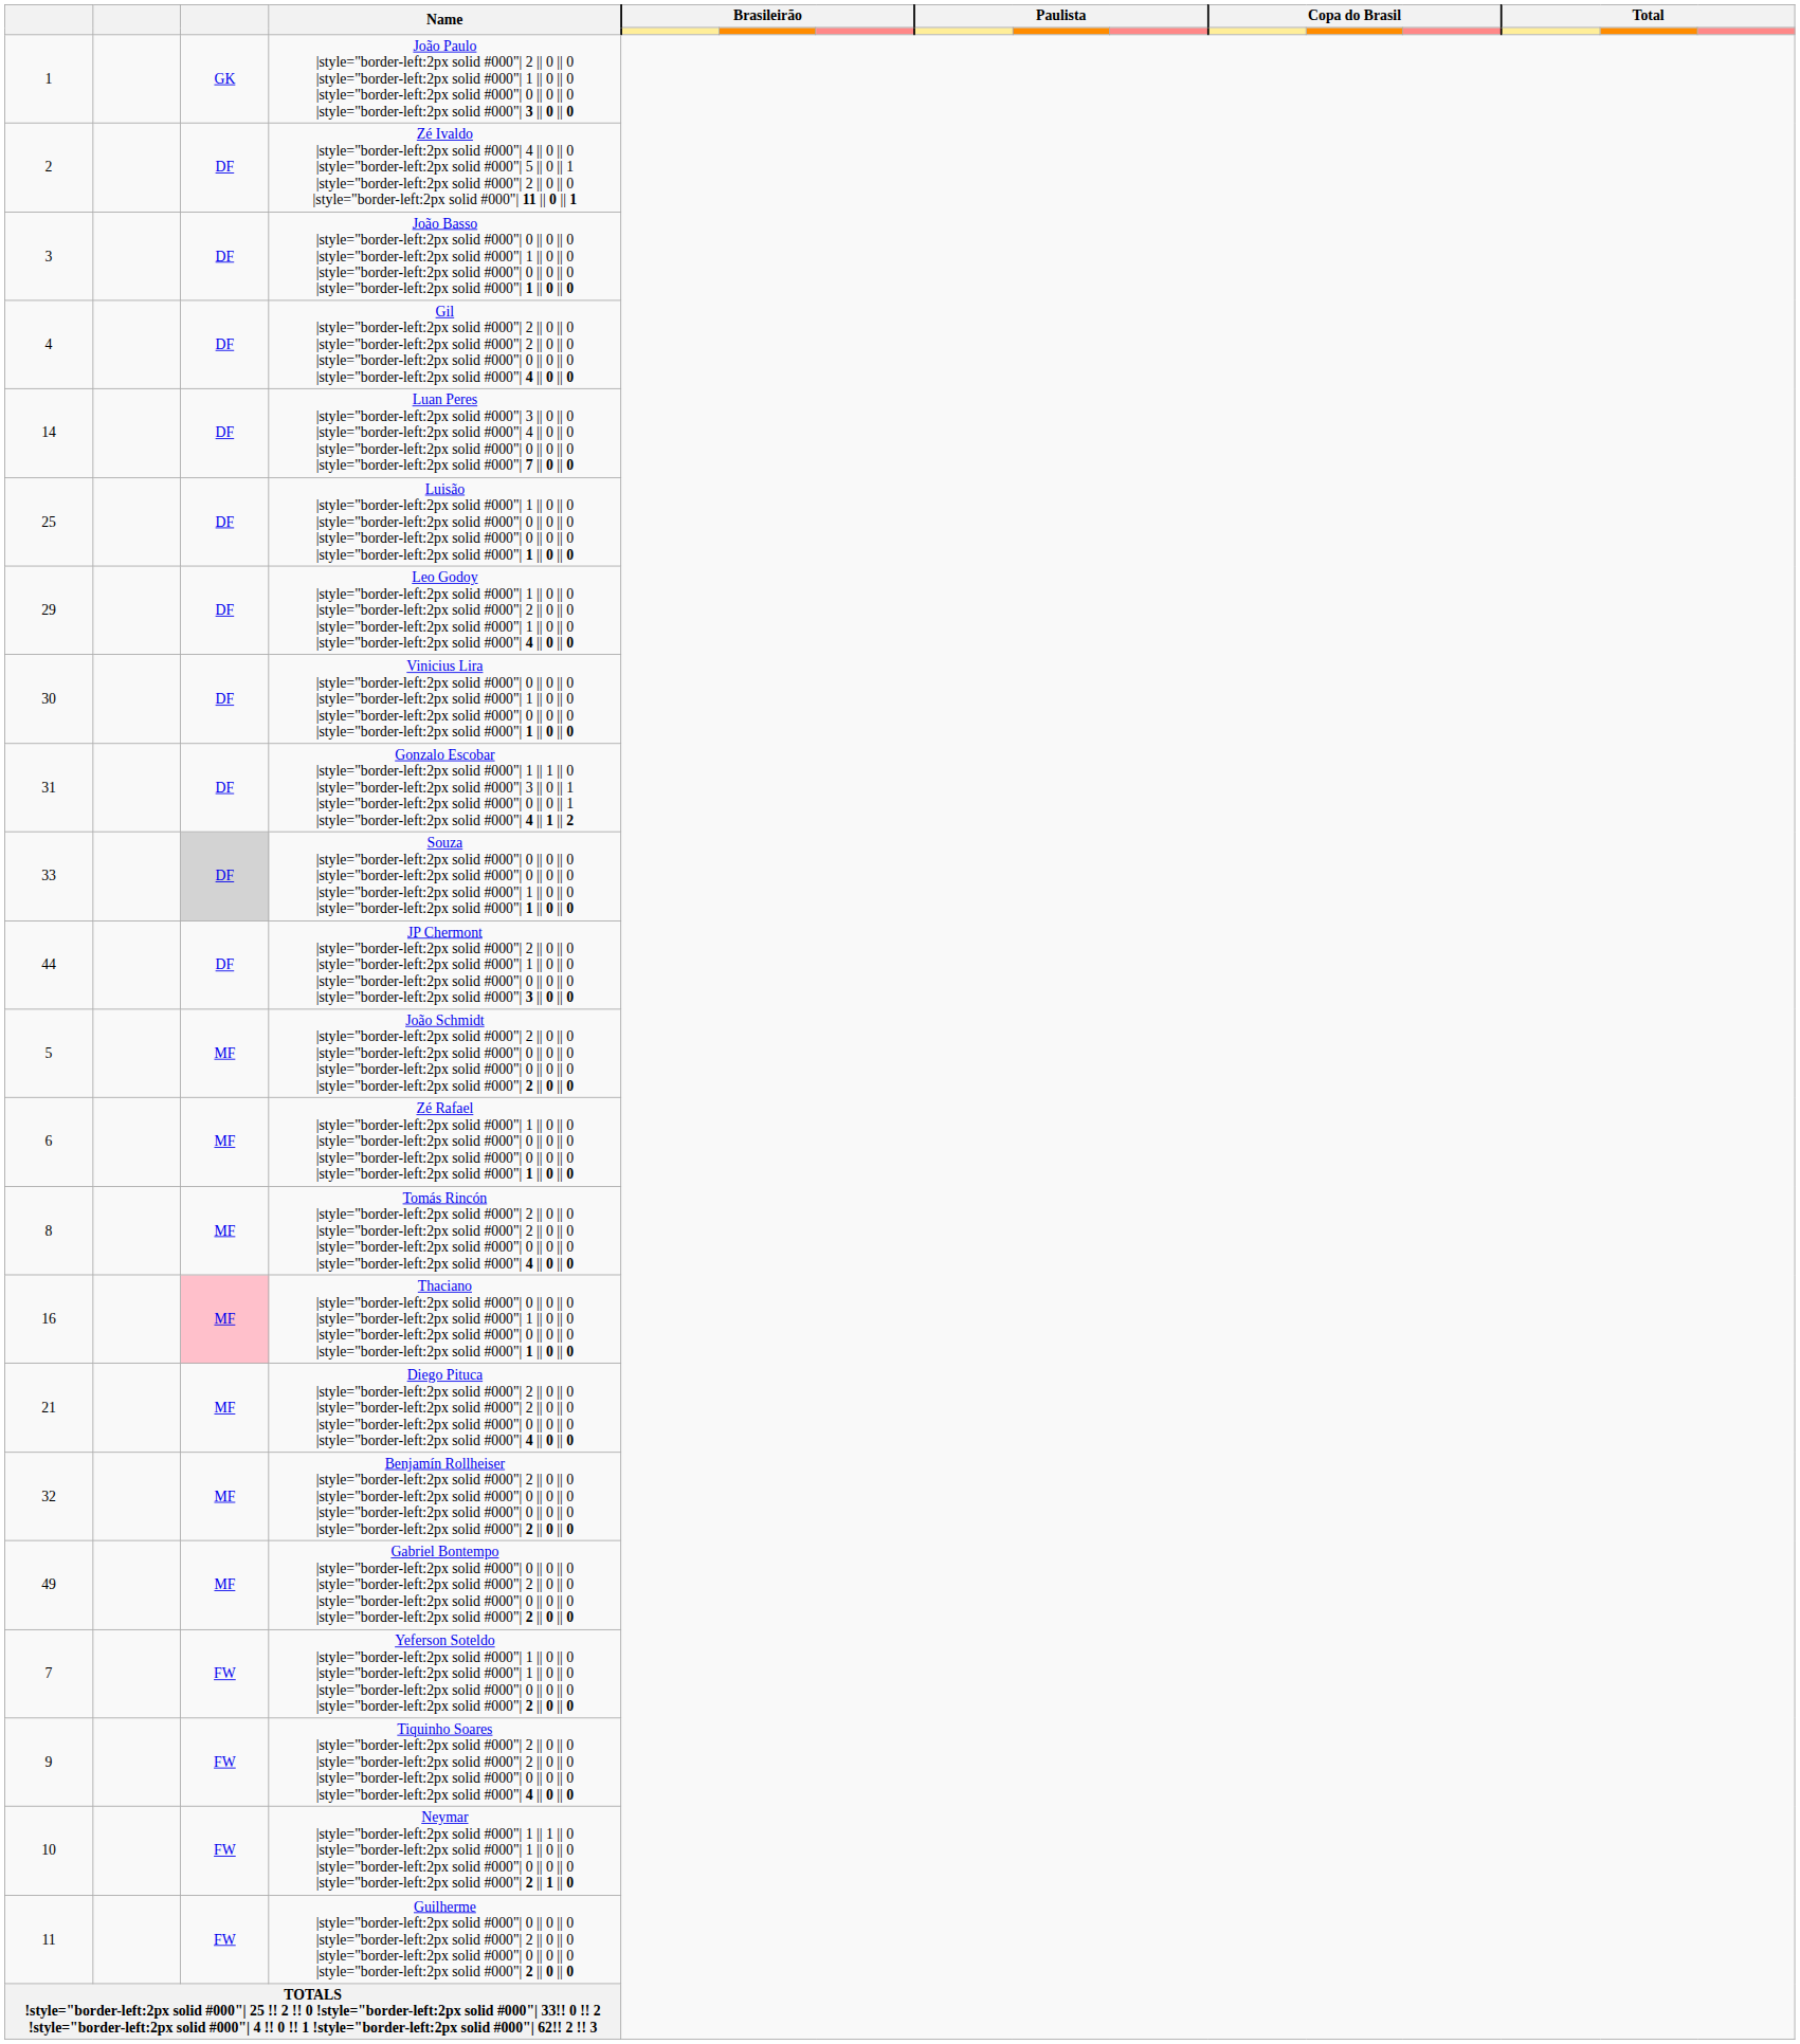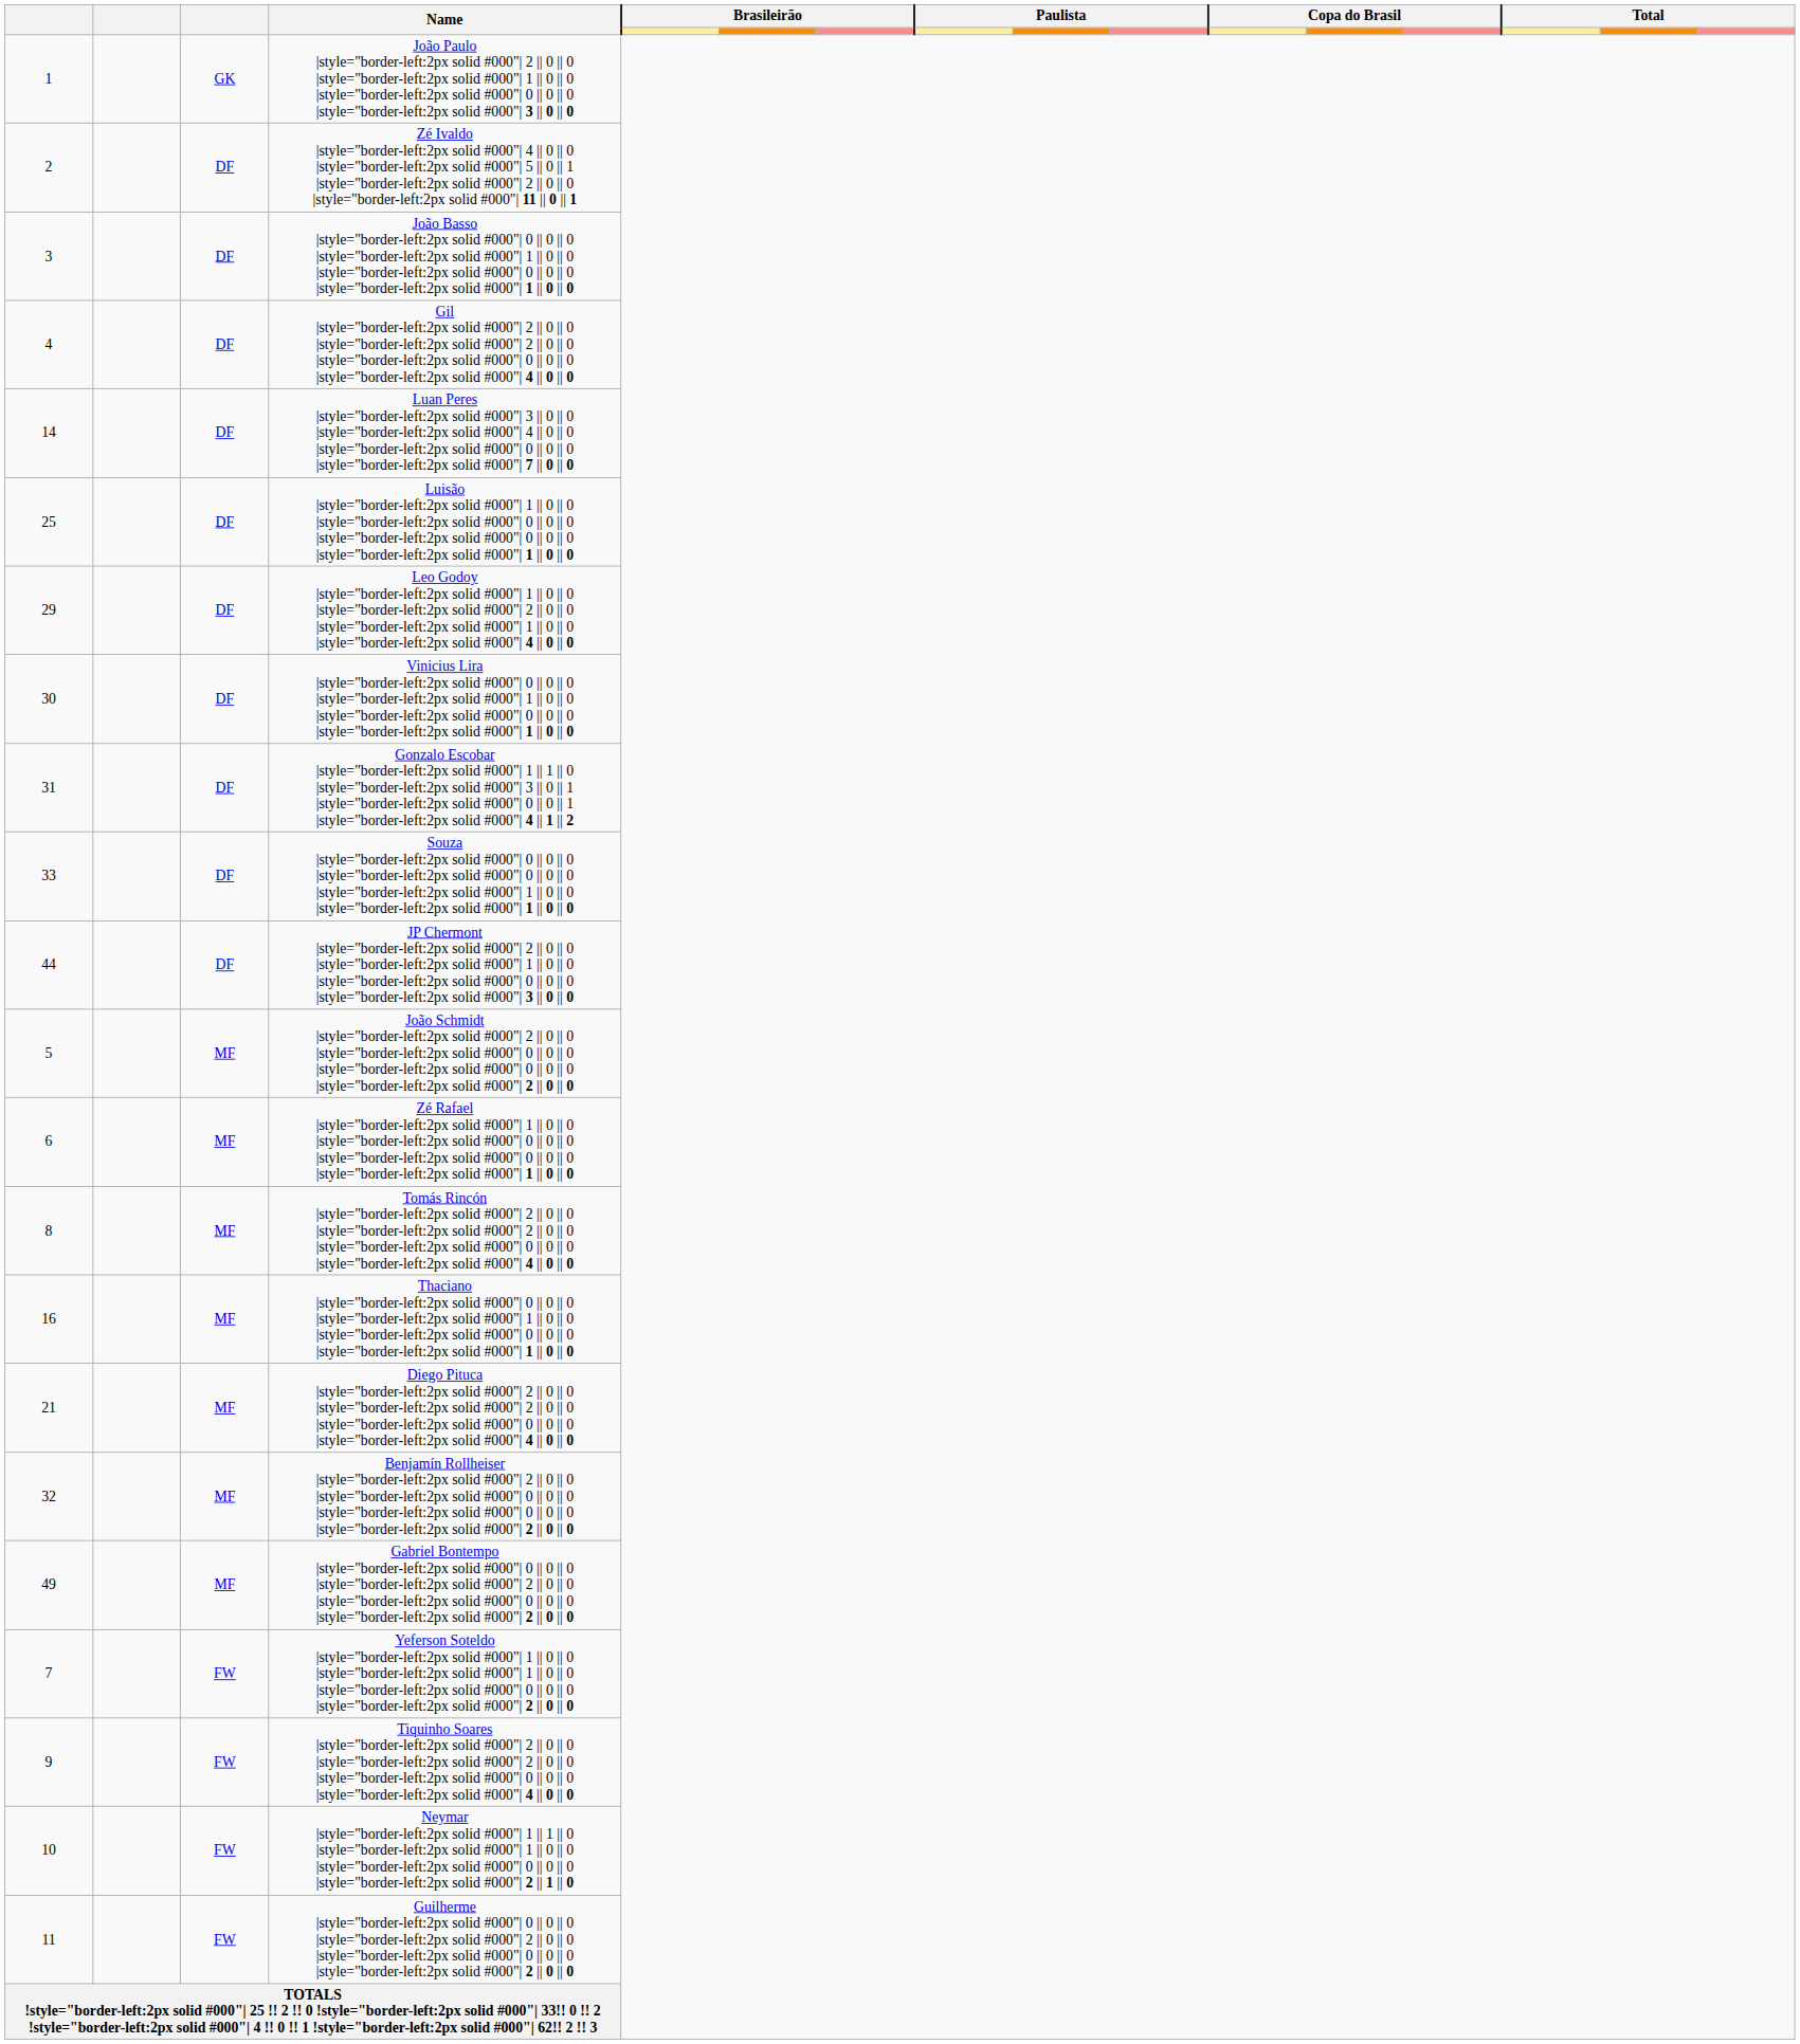 <table class="wikitable" style="text-align:center">
 <tr>
 <th rowspan="2" style="width:3%; "><strong></strong></th>
 <th rowspan="2" style="width:3%; "><strong></strong></th>
 <th rowspan="2" style="width:3%; "><strong></strong></th>
 <th rowspan="2" style="width:12%; ">Name</th>
 <th colspan="3" style="width:10%; border-left:2px solid #000">Brasileirão</th>
 <th colspan="3" style="width:10%; border-left:2px solid #000">Paulista</th>
 <th colspan="3" style="width:10%; border-left:2px solid #000">Copa do Brasil</th>
 <th colspan="3" style="width:10%; border-left:2px solid #000">Total</th>
 </tr>
 <tr>
 <th style="width:20px; background:#fe9; border-left:2px solid #000"></th>
 <th style="width:20px; background:#ff8c00;"></th>
 <th style="width:20px; background:#ff8888;"></th>
 <th style="width:20px; background:#fe9; border-left:2px solid #000"></th>
 <th style="width:20px; background:#ff8c00;"></th>
 <th style="width:20px; background:#ff8888;"></th>
 <th style="width:20px; background:#fe9; border-left:2px solid #000"></th>
 <th style="width:20px; background:#ff8c00;"></th>
 <th style="width:20px; background:#ff8888;"></th>
 <th style="width:20px; background:#fe9; border-left:2px solid #000"></th>
 <th style="width:20px; background:#ff8c00;"></th>
 <th style="width:20px; background:#ff8888;"></th>
 </tr>
 <tr>
 <td>1</td>
 <td></td>
 <td><a href='#'>GK</a></td>
 <td><a href='#'>João Paulo</a><br> |style="border-left:2px solid #000"| 2 || 0 || 0  |style="border-left:2px solid #000"| 1 || 0 || 0  |style="border-left:2px solid #000"| 0 || 0 || 0  |style="border-left:2px solid #000"| <strong>3</strong> || <strong>0</strong> || <strong>0</strong></td>
 </tr>
 <tr>
 <td>2</td>
 <td></td>
 <td><a href='#'>DF</a></td>
 <td><a href='#'>Zé Ivaldo</a><br> |style="border-left:2px solid #000"| 4 || 0 || 0  |style="border-left:2px solid #000"| 5 || 0 || 1  |style="border-left:2px solid #000"| 2 || 0 || 0  |style="border-left:2px solid #000"| <strong>11</strong> || <strong>0</strong> || <strong>1</strong></td>
 </tr>
 <tr>
 <td>3</td>
 <td></td>
 <td><a href='#'>DF</a></td>
 <td><a href='#'>João Basso</a><br> |style="border-left:2px solid #000"| 0 || 0 || 0  |style="border-left:2px solid #000"| 1 || 0 || 0  |style="border-left:2px solid #000"| 0 || 0 || 0  |style="border-left:2px solid #000"| <strong>1</strong> || <strong>0</strong> || <strong>0</strong></td>
 </tr>
 <tr>
 <td>4</td>
 <td></td>
 <td><a href='#'>DF</a></td>
 <td><a href='#'>Gil</a><br> |style="border-left:2px solid #000"| 2 || 0 || 0  |style="border-left:2px solid #000"| 2 || 0 || 0  |style="border-left:2px solid #000"| 0 || 0 || 0  |style="border-left:2px solid #000"| <strong>4</strong> || <strong>0</strong> || <strong>0</strong></td>
 </tr>
 <tr>
 <td>14</td>
 <td></td>
 <td><a href='#'>DF</a></td>
 <td><a href='#'>Luan Peres</a><br> |style="border-left:2px solid #000"| 3 || 0 || 0  |style="border-left:2px solid #000"| 4 || 0 || 0  |style="border-left:2px solid #000"| 0 || 0 || 0  |style="border-left:2px solid #000"| <strong>7</strong> || <strong>0</strong> || <strong>0</strong></td>
 </tr>
 <tr>
 <td>25</td>
 <td></td>
 <td><a href='#'>DF</a></td>
 <td><a href='#'>Luisão</a><br> |style="border-left:2px solid #000"| 1 || 0 || 0  |style="border-left:2px solid #000"| 0 || 0 || 0  |style="border-left:2px solid #000"| 0 || 0 || 0  |style="border-left:2px solid #000"| <strong>1</strong> || <strong>0</strong> || <strong>0</strong></td>
 </tr>
 <tr>
 <td>29</td>
 <td></td>
 <td><a href='#'>DF</a></td>
 <td><a href='#'>Leo Godoy</a><br> |style="border-left:2px solid #000"| 1 || 0 || 0  |style="border-left:2px solid #000"| 2 || 0 || 0  |style="border-left:2px solid #000"| 1 || 0 || 0  |style="border-left:2px solid #000"| <strong>4</strong> || <strong>0</strong> || <strong>0</strong></td>
 </tr>
 <tr>
 <td>30</td>
 <td></td>
 <td><a href='#'>DF</a></td>
 <td><a href='#'>Vinicius Lira</a><br> |style="border-left:2px solid #000"| 0 || 0 || 0  |style="border-left:2px solid #000"| 1 || 0 || 0  |style="border-left:2px solid #000"| 0 || 0 || 0  |style="border-left:2px solid #000"| <strong>1</strong> || <strong>0</strong> || <strong>0</strong></td>
 </tr>
 <tr>
 <td>31</td>
 <td></td>
 <td><a href='#'>DF</a></td>
 <td><a href='#'>Gonzalo Escobar</a><br> |style="border-left:2px solid #000"| 1 || 1 || 0  |style="border-left:2px solid #000"| 3 || 0 || 1  |style="border-left:2px solid #000"| 0 || 0 || 1  |style="border-left:2px solid #000"| <strong>4</strong> || <strong>1</strong> || <strong>2</strong></td>
 </tr>
 <tr>
 <td>33</td>
 <td></td>
-<td style="background: lightgrey;"><a href='#'>DF</a></td>
+<td><a href='#'>DF</a></td>
 <td><a href='#'>Souza</a><br> |style="border-left:2px solid #000"| 0 || 0 || 0  |style="border-left:2px solid #000"| 0 || 0 || 0  |style="border-left:2px solid #000"| 1 || 0 || 0  |style="border-left:2px solid #000"| <strong>1</strong> || <strong>0</strong> || <strong>0</strong></td>
 </tr>
 <tr>
 <td>44</td>
 <td></td>
 <td><a href='#'>DF</a></td>
 <td><a href='#'>JP Chermont</a><br> |style="border-left:2px solid #000"| 2 || 0 || 0  |style="border-left:2px solid #000"| 1 || 0 || 0  |style="border-left:2px solid #000"| 0 || 0 || 0  |style="border-left:2px solid #000"| <strong>3</strong> || <strong>0</strong> || <strong>0</strong></td>
 </tr>
 <tr>
 <td>5</td>
 <td></td>
 <td><a href='#'>MF</a></td>
 <td><a href='#'>João Schmidt</a><br> |style="border-left:2px solid #000"| 2 || 0 || 0  |style="border-left:2px solid #000"| 0 || 0 || 0  |style="border-left:2px solid #000"| 0 || 0 || 0  |style="border-left:2px solid #000"| <strong>2</strong> || <strong>0</strong> || <strong>0</strong></td>
 </tr>
 <tr>
 <td>6</td>
 <td></td>
 <td><a href='#'>MF</a></td>
 <td><a href='#'>Zé Rafael</a><br> |style="border-left:2px solid #000"| 1 || 0 || 0  |style="border-left:2px solid #000"| 0 || 0 || 0  |style="border-left:2px solid #000"| 0 || 0 || 0  |style="border-left:2px solid #000"| <strong>1</strong> || <strong>0</strong> || <strong>0</strong></td>
 </tr>
 <tr>
 <td>8</td>
 <td></td>
 <td><a href='#'>MF</a></td>
 <td><a href='#'>Tomás Rincón</a><br> |style="border-left:2px solid #000"| 2 || 0 || 0  |style="border-left:2px solid #000"| 2 || 0 || 0  |style="border-left:2px solid #000"| 0 || 0 || 0  |style="border-left:2px solid #000"| <strong>4</strong> || <strong>0</strong> || <strong>0</strong></td>
 </tr>
 <tr>
 <td>16</td>
 <td></td>
-<td style="background: pink;"><a href='#'>MF</a></td>
+<td><a href='#'>MF</a></td>
 <td><a href='#'>Thaciano</a><br> |style="border-left:2px solid #000"| 0 || 0 || 0  |style="border-left:2px solid #000"| 1 || 0 || 0  |style="border-left:2px solid #000"| 0 || 0 || 0  |style="border-left:2px solid #000"| <strong>1</strong> || <strong>0</strong> || <strong>0</strong></td>
 </tr>
 <tr>
 <td>21</td>
 <td></td>
 <td><a href='#'>MF</a></td>
 <td><a href='#'>Diego Pituca</a><br> |style="border-left:2px solid #000"| 2 || 0 || 0  |style="border-left:2px solid #000"| 2 || 0 || 0  |style="border-left:2px solid #000"| 0 || 0 || 0  |style="border-left:2px solid #000"| <strong>4</strong> || <strong>0</strong> || <strong>0</strong></td>
 </tr>
 <tr>
 <td>32</td>
 <td></td>
 <td><a href='#'>MF</a></td>
 <td><a href='#'>Benjamín Rollheiser</a><br> |style="border-left:2px solid #000"| 2 || 0 || 0  |style="border-left:2px solid #000"| 0 || 0 || 0  |style="border-left:2px solid #000"| 0 || 0 || 0  |style="border-left:2px solid #000"| <strong>2</strong> || <strong>0</strong> || <strong>0</strong></td>
 </tr>
 <tr>
 <td>49</td>
 <td></td>
 <td><a href='#'>MF</a></td>
 <td><a href='#'>Gabriel Bontempo</a><br> |style="border-left:2px solid #000"| 0 || 0 || 0  |style="border-left:2px solid #000"| 2 || 0 || 0  |style="border-left:2px solid #000"| 0 || 0 || 0  |style="border-left:2px solid #000"| <strong>2</strong> || <strong>0</strong> || <strong>0</strong></td>
 </tr>
 <tr>
 <td>7</td>
 <td></td>
 <td><a href='#'>FW</a></td>
 <td><a href='#'>Yeferson Soteldo</a><br> |style="border-left:2px solid #000"| 1 || 0 || 0  |style="border-left:2px solid #000"| 1 || 0 || 0  |style="border-left:2px solid #000"| 0 || 0 || 0  |style="border-left:2px solid #000"| <strong>2</strong> || <strong>0</strong> || <strong>0</strong></td>
 </tr>
 <tr>
 <td>9</td>
 <td></td>
 <td><a href='#'>FW</a></td>
 <td><a href='#'>Tiquinho Soares</a><br> |style="border-left:2px solid #000"| 2 || 0 || 0  |style="border-left:2px solid #000"| 2 || 0 || 0  |style="border-left:2px solid #000"| 0 || 0 || 0  |style="border-left:2px solid #000"| <strong>4</strong> || <strong>0</strong> || <strong>0</strong></td>
 </tr>
 <tr>
 <td>10</td>
 <td></td>
 <td><a href='#'>FW</a></td>
 <td><a href='#'>Neymar</a><br> |style="border-left:2px solid #000"| 1 || 1 || 0  |style="border-left:2px solid #000"| 1 || 0 || 0  |style="border-left:2px solid #000"| 0 || 0 || 0  |style="border-left:2px solid #000"| <strong>2</strong> || <strong>1</strong> || <strong>0</strong></td>
 </tr>
 <tr>
 <td>11</td>
 <td></td>
 <td><a href='#'>FW</a></td>
 <td><a href='#'>Guilherme</a><br> |style="border-left:2px solid #000"| 0 || 0 || 0  |style="border-left:2px solid #000"| 2 || 0 || 0  |style="border-left:2px solid #000"| 0 || 0 || 0  |style="border-left:2px solid #000"| <strong>2</strong> || <strong>0</strong> || <strong>0</strong></td>
 </tr>
 <tr>
 <th colspan="4">TOTALS<br> !style="border-left:2px solid #000"| <strong>25</strong> !! <strong>2</strong> !! <strong>0</strong>  !style="border-left:2px solid #000"| <strong>33</strong>!! <strong>0</strong> !! <strong>2</strong>  !style="border-left:2px solid #000"| <strong>4</strong> !! <strong>0</strong> !! <strong>1</strong>  !style="border-left:2px solid #000"| <strong>62</strong>!! <strong>2</strong> !! <strong>3</strong></th>
 </tr>
 </table>
